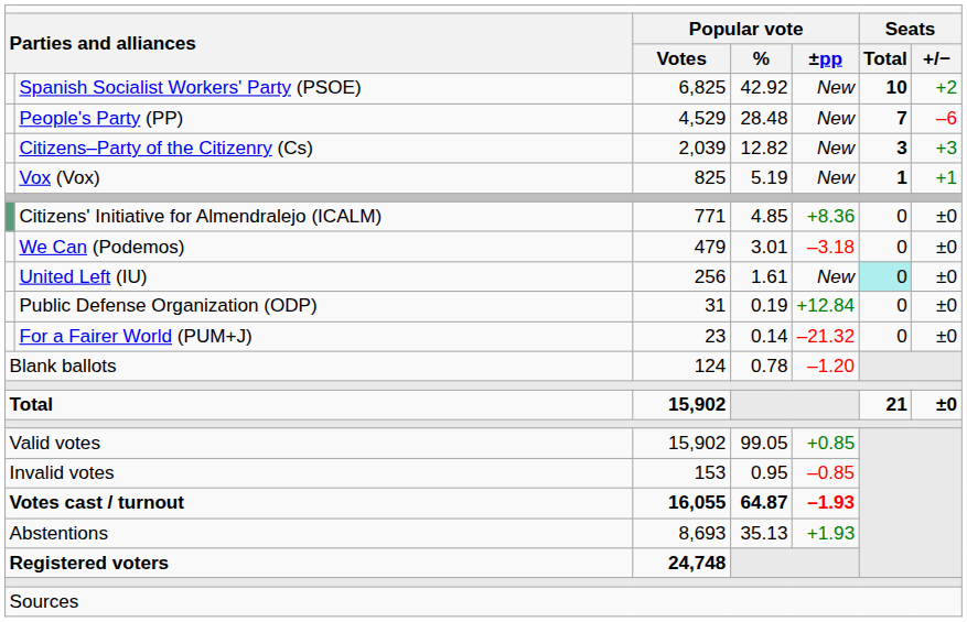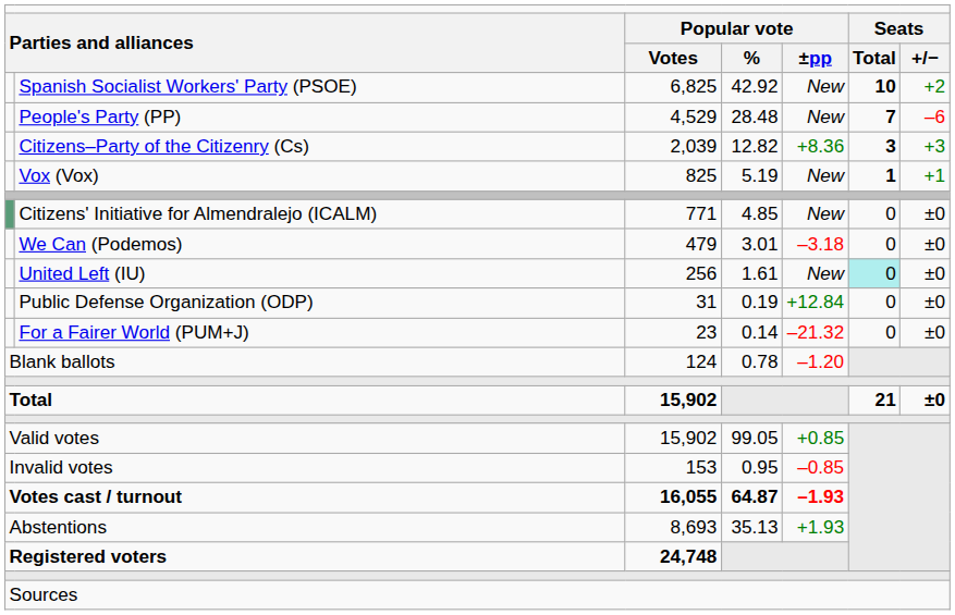 <table class="wikitable" style="text-align:right;">
 <tr>
 <td colspan="7"></td>
 </tr>
 <tr>
 <th style="text-align:left;" rowspan="2" colspan="2" width="525">Parties and alliances</th>
 <th colspan="3">Popular vote</th>
 <th colspan="2">Seats</th>
 </tr>
 <tr>
 <th width="75">Votes</th>
 <th width="45">%</th>
 <th width="45">±<a href='#'>pp</a></th>
 <th width="35">Total</th>
 <th width="35">+/−</th>
 </tr>
 <tr>
 <td width="1" style="color:inherit;background:"></td>
 <td align="left"><a href='#'>Spanish Socialist Workers' Party</a> (PSOE)</td>
 <td>6,825</td>
 <td>42.92</td>
 <td><em>New</em></td>
 <td><strong>10</strong></td>
 <td style="color:green;">+2</td>
 </tr>
 <tr>
 <td style="color:inherit;background:"></td>
 <td align="left"><a href='#'>People's Party</a> (PP)</td>
 <td>4,529</td>
 <td>28.48</td>
 <td><em>New</em></td>
 <td><strong>7</strong></td>
 <td style="color:red;">–6</td>
 </tr>
 <tr>
 <td style="color:inherit;background:"></td>
 <td align="left"><a href='#'>Citizens–Party of the Citizenry</a> (Cs)</td>
 <td>2,039</td>
 <td>12.82</td>
-<td><em>New</em></td>
+<td style="color:green;">+8.36</td>
 <td><strong>3</strong></td>
 <td style="color:green;">+3</td>
 </tr>
 <tr>
 <td style="color:inherit;background:"></td>
 <td align="left"><a href='#'>Vox</a> (Vox)</td>
 <td>825</td>
 <td>5.19</td>
 <td><em>New</em></td>
 <td><strong>1</strong></td>
 <td style="color:green;">+1</td>
 </tr>
 <tr>
 <td colspan="7" bgcolor="#C0C0C0"></td>
 </tr>
 <tr>
 <td bgcolor="#599B78"></td>
 <td align="left">Citizens' Initiative for Almendralejo (ICALM)</td>
 <td>771</td>
 <td>4.85</td>
-<td style="color:green;">+8.36</td>
+<td><em>New</em></td>
 <td>0</td>
 <td>±0</td>
 </tr>
 <tr>
 <td style="color:inherit;background:"></td>
 <td align="left"><a href='#'>We Can</a> (Podemos)</td>
 <td>479</td>
 <td>3.01</td>
 <td style="color:red;">–3.18</td>
 <td>0</td>
 <td>±0</td>
 </tr>
 <tr>
 <td style="color:inherit;background:"></td>
 <td align="left"><a href='#'>United Left</a> (IU)</td>
 <td>256</td>
 <td>1.61</td>
 <td><em>New</em></td>
 <td style="background: paleturquoise;">0</td>
 <td>±0</td>
 </tr>
 <tr>
 <td style="color:inherit;background:"></td>
 <td align="left">Public Defense Organization (ODP)</td>
 <td>31</td>
 <td>0.19</td>
 <td style="color:green;">+12.84</td>
 <td>0</td>
 <td>±0</td>
 </tr>
 <tr>
 <td style="color:inherit;background:"></td>
 <td align="left"><a href='#'>For a Fairer World</a> (PUM+J)</td>
 <td>23</td>
 <td>0.14</td>
 <td style="color:red;">–21.32</td>
 <td>0</td>
 <td>±0</td>
 </tr>
 <tr>
 <td align="left" colspan="2">Blank ballots</td>
 <td>124</td>
 <td>0.78</td>
 <td style="color:red;">–1.20</td>
 <td bgcolor="#E9E9E9" colspan="2"></td>
 </tr>
 <tr>
 <td colspan="7" bgcolor="#E9E9E9"></td>
 </tr>
 <tr style="font-weight:bold;">
 <td align="left" colspan="2">Total</td>
 <td>15,902</td>
 <td bgcolor="#E9E9E9" colspan="2"></td>
 <td>21</td>
 <td>±0</td>
 </tr>
 <tr>
 <td colspan="7" bgcolor="#E9E9E9"></td>
 </tr>
 <tr>
 <td align="left" colspan="2">Valid votes</td>
 <td>15,902</td>
 <td>99.05</td>
 <td style="color:green;">+0.85</td>
 <td bgcolor="#E9E9E9" colspan="2" rowspan="5"></td>
 </tr>
 <tr>
 <td align="left" colspan="2">Invalid votes</td>
 <td>153</td>
 <td>0.95</td>
 <td style="color:red;">–0.85</td>
 </tr>
 <tr style="font-weight:bold;">
 <td align="left" colspan="2">Votes cast / turnout</td>
 <td>16,055</td>
 <td>64.87</td>
 <td style="color:red;">–1.93</td>
 </tr>
 <tr>
 <td align="left" colspan="2">Abstentions</td>
 <td>8,693</td>
 <td>35.13</td>
 <td style="color:green;">+1.93</td>
 </tr>
 <tr style="font-weight:bold;">
 <td align="left" colspan="2">Registered voters</td>
 <td>24,748</td>
 <td bgcolor="#E9E9E9" colspan="2"></td>
 </tr>
 <tr>
 <td colspan="7" bgcolor="#E9E9E9"></td>
 </tr>
 <tr>
 <td align="left" colspan="7">Sources</td>
 </tr>
 </table>
